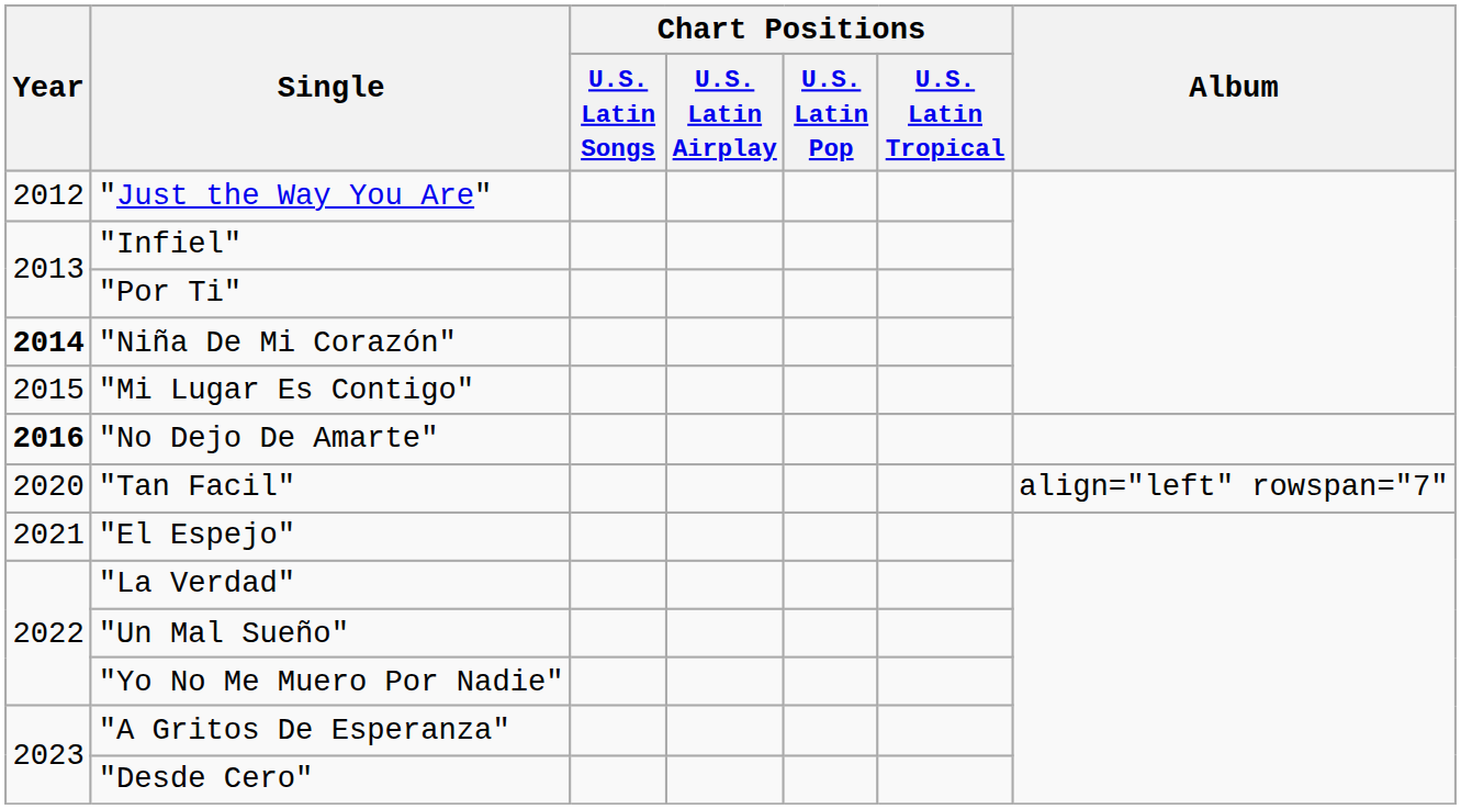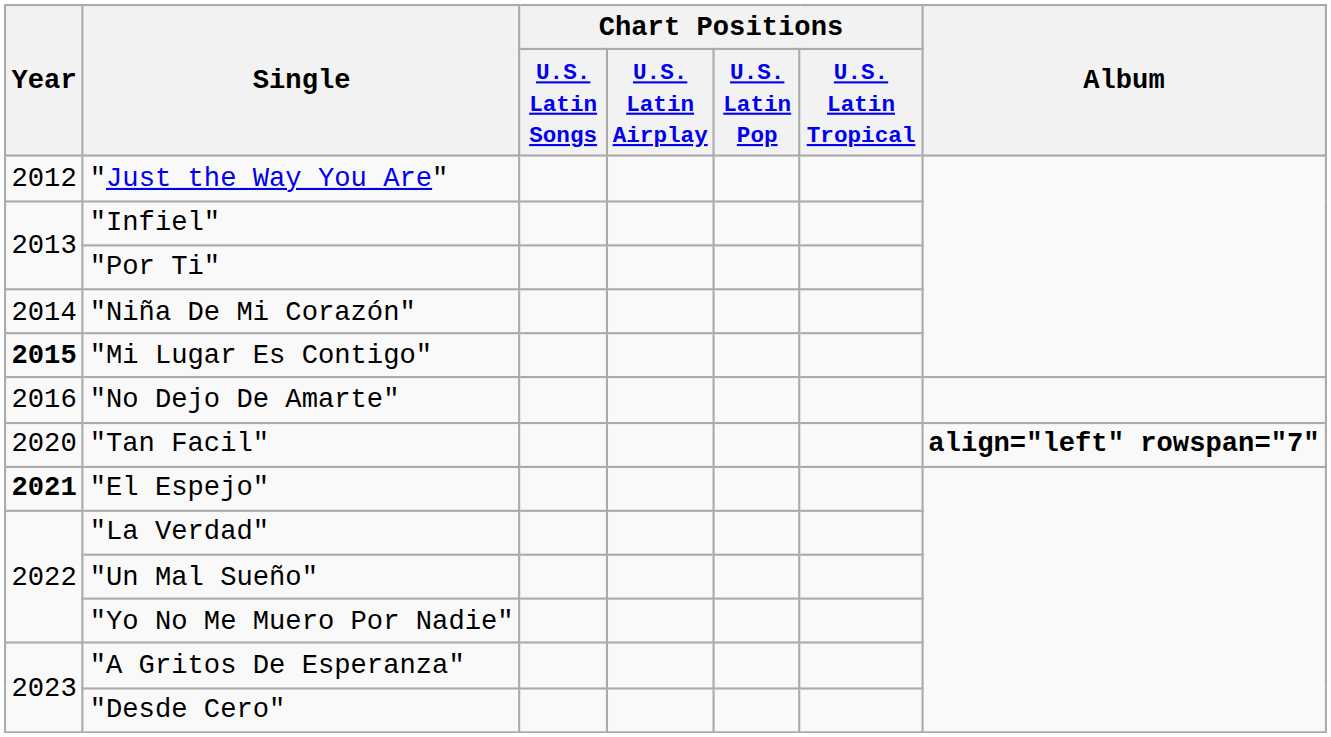 <table class="wikitable">
 <tr>
 <th rowspan="2">Year</th>
 <th rowspan="2">Single</th>
 <th colspan="4">Chart Positions </th>
 <th rowspan="2">Album</th>
 </tr>
 <tr>
 <th width="35"><small><a href='#'>U.S. Latin Songs</a></small></th>
 <th width="35"><small><a href='#'>U.S. Latin Airplay</a></small></th>
 <th width="35"><small><a href='#'>U.S. Latin Pop</a></small></th>
 <th width="35"><small><a href='#'>U.S. Latin Tropical</a></small></th>
 </tr>
 <tr>
 <td>2012</td>
 <td>"<a href='#'>Just the Way You Are</a>"</td>
 <td></td>
 <td></td>
 <td></td>
 <td></td>
 <td align="left" rowspan="5"></td>
 </tr>
 <tr>
 <td align="left" rowspan="2">2013</td>
 <td>"Infiel"</td>
 <td></td>
 <td></td>
 <td></td>
 <td></td>
 </tr>
 <tr>
 <td>"Por Ti"</td>
 <td></td>
 <td></td>
 <td></td>
 <td></td>
 </tr>
 <tr>
-<td><strong>2014</strong></td>
+<td>2014</td>
 <td>"Niña De Mi Corazón"</td>
 <td></td>
 <td></td>
 <td></td>
 <td></td>
 </tr>
 <tr>
-<td>2015</td>
+<td><strong>2015</strong></td>
 <td>"Mi Lugar Es Contigo"</td>
 <td></td>
 <td></td>
 <td></td>
 <td></td>
 </tr>
 <tr>
-<td><strong>2016</strong></td>
+<td>2016</td>
 <td>"No Dejo De Amarte"</td>
 <td></td>
 <td></td>
 <td></td>
 <td></td>
 <td align="left" rowspan="1"></td>
 </tr>
 <tr>
 <td>2020</td>
 <td>"Tan Facil"</td>
 <td></td>
 <td></td>
 <td></td>
 <td></td>
-<td>align="left" rowspan="7" <em></em></td>
+<td><strong>align="left" rowspan="7" <em></em></strong></td>
 </tr>
 <tr>
-<td>2021</td>
+<td><strong>2021</strong></td>
 <td>"El Espejo"</td>
 <td></td>
 <td></td>
 <td></td>
 <td></td>
 </tr>
 <tr>
 <td align="left" rowspan="3">2022</td>
 <td>"La Verdad"</td>
 <td></td>
 <td></td>
 <td></td>
 <td></td>
 </tr>
 <tr>
 <td>"Un Mal Sueño"</td>
 <td></td>
 <td></td>
 <td></td>
 <td></td>
 </tr>
 <tr>
 <td>"Yo No Me Muero Por Nadie"</td>
 <td></td>
 <td></td>
 <td></td>
 <td></td>
 </tr>
 <tr>
 <td align="left" rowspan="2">2023</td>
 <td>"A Gritos De Esperanza"</td>
 <td></td>
 <td></td>
 <td></td>
 <td></td>
 </tr>
 <tr>
 <td>"Desde Cero" </td>
 <td></td>
 <td></td>
 <td></td>
 <td></td>
 </tr>
 </table>
